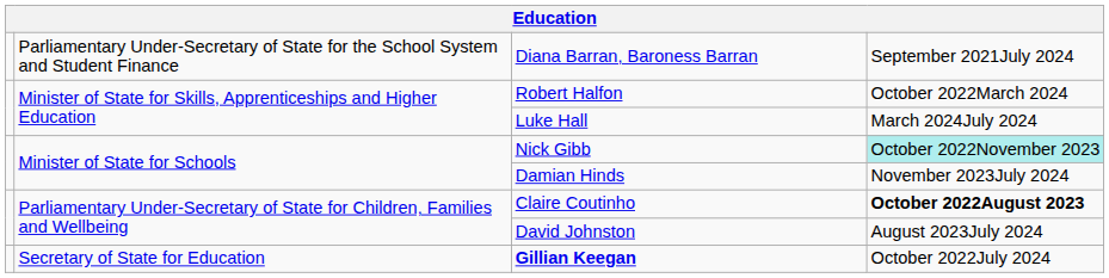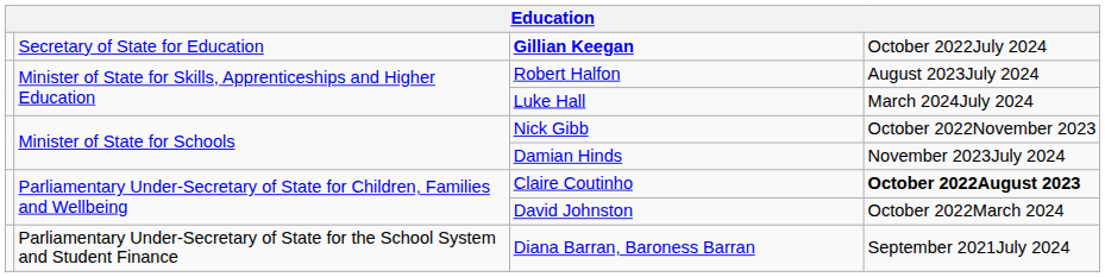 <table class="wikitable">
 <tr>
 <th colspan="4"><a href='#'>Education</a></th>
 </tr>
 <tr>
 <td rowspan="1" style="width: 1px; background: "></td>
-<td rowspan="1">Parliamentary Under-Secretary of State for the School System and Student Finance</td>
-<td><a href='#'>Diana Barran, Baroness Barran</a> </td>
-<td>September 2021July 2024</td>
+<td rowspan="1" style="width: 450px;"><a href='#'>Secretary of State for Education</a></td>
+<td style="width: 320px;"><strong><a href='#'>Gillian Keegan</a></strong></td>
+<td>October 2022July 2024</td>
 </tr>
 <tr>
 <td rowspan="2" style="width: 1px; background: "></td>
 <td rowspan="2"><a href='#'>Minister of State for Skills, Apprenticeships and Higher Education</a></td>
 <td style="width: 320px;"><a href='#'>Robert Halfon</a></td>
-<td>October 2022March 2024</td>
+<td>August 2023July 2024</td>
 </tr>
 <tr>
 <td><a href='#'>Luke Hall</a></td>
 <td>March 2024July 2024</td>
 </tr>
 <tr>
 <td rowspan="2" style="width: 1px; background: "></td>
 <td rowspan="2"><a href='#'>Minister of State for Schools</a></td>
 <td style="width: 320px;"><a href='#'>Nick Gibb</a></td>
-<td style="background: paleturquoise;">October 2022November 2023</td>
+<td>October 2022November 2023</td>
 </tr>
 <tr>
 <td style="width: 320px;"><a href='#'>Damian Hinds</a></td>
 <td>November 2023July 2024</td>
 </tr>
 <tr>
 <td rowspan="2" style="width: 1px; background: "></td>
 <td rowspan="2"><a href='#'>Parliamentary Under-Secretary of State for Children, Families and Wellbeing</a></td>
 <td style="width: 320px;"><a href='#'>Claire Coutinho</a></td>
 <td><strong>October 2022August 2023</strong></td>
 </tr>
 <tr>
 <td style="width: 320px;"><a href='#'>David Johnston</a></td>
-<td>August 2023July 2024</td>
+<td>October 2022March 2024</td>
 </tr>
 <tr>
 <td rowspan="1" style="width: 1px; background: "></td>
-<td rowspan="1" style="width: 450px;"><a href='#'>Secretary of State for Education</a></td>
-<td style="width: 320px;"><strong><a href='#'>Gillian Keegan</a></strong></td>
-<td>October 2022July 2024</td>
+<td rowspan="1">Parliamentary Under-Secretary of State for the School System and Student Finance</td>
+<td><a href='#'>Diana Barran, Baroness Barran</a> </td>
+<td>September 2021July 2024</td>
 </tr>
 </table>
